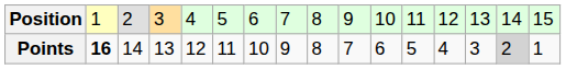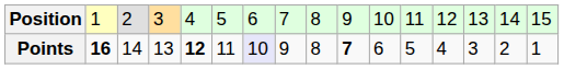 <table class="wikitable">
 <tr>
 <th scope="row">Position</th>
 <td width="20" bgcolor="#ffffbf">1</td>
 <td width="20" bgcolor="#dfdfdf">2</td>
 <td width="20" bgcolor="#ffdf9f">3</td>
 <td width="20" bgcolor="#dfffdf">4</td>
 <td width="20" bgcolor="#dfffdf">5</td>
 <td width="20" bgcolor="#dfffdf">6</td>
 <td width="20" bgcolor="#dfffdf">7</td>
 <td width="20" bgcolor="#dfffdf">8</td>
 <td width="20" bgcolor="#dfffdf">9</td>
 <td width="20" bgcolor="#dfffdf">10</td>
 <td width="20" bgcolor="#dfffdf">11</td>
 <td width="20" bgcolor="#dfffdf">12</td>
 <td width="20" bgcolor="#dfffdf">13</td>
 <td width="20" bgcolor="#dfffdf">14</td>
 <td width="20" bgcolor="#dfffdf">15</td>
 </tr>
 <tr>
 <th scope="row">Points</th>
 <td><strong>16</strong></td>
 <td>14</td>
 <td>13</td>
-<td>12</td>
+<td><strong>12</strong></td>
 <td>11</td>
-<td>10</td>
+<td style="background: lavender;">10</td>
 <td>9</td>
 <td>8</td>
-<td>7</td>
+<td><strong>7</strong></td>
 <td>6</td>
 <td>5</td>
 <td>4</td>
 <td>3</td>
-<td style="background: lightgrey;">2</td>
+<td>2</td>
 <td>1</td>
 </tr>
 </table>
